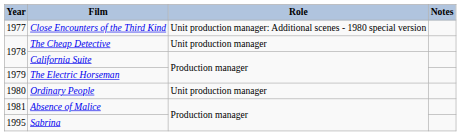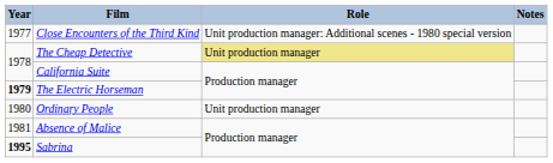 <table class="wikitable" style="font-size:95%;">
 <tr>
 <th style="background:#B0C4DE;">Year</th>
 <th style="background:#B0C4DE;">Film</th>
 <th style="background:#B0C4DE;">Role</th>
 <th style="background:#B0C4DE;">Notes</th>
 </tr>
 <tr>
 <td>1977</td>
 <td><em><a href='#'>Close Encounters of the Third Kind</a></em></td>
 <td>Unit production manager: Additional scenes - 1980 special version</td>
 <td></td>
 </tr>
 <tr>
 <td rowspan=2>1978</td>
 <td><em><a href='#'>The Cheap Detective</a></em></td>
-<td>Unit production manager</td>
+<td style="background: khaki;">Unit production manager</td>
 <td></td>
 </tr>
 <tr>
 <td><em><a href='#'>California Suite</a></em></td>
 <td rowspan=2>Production manager</td>
 <td></td>
 </tr>
 <tr>
-<td>1979</td>
+<td><strong>1979</strong></td>
 <td><em><a href='#'>The Electric Horseman</a></em></td>
 <td></td>
 </tr>
 <tr>
 <td>1980</td>
 <td><em><a href='#'>Ordinary People</a></em></td>
 <td>Unit production manager</td>
 <td></td>
 </tr>
 <tr>
 <td>1981</td>
 <td><em><a href='#'>Absence of Malice</a></em></td>
 <td rowspan=2>Production manager</td>
 <td></td>
 </tr>
 <tr>
-<td>1995</td>
+<td><strong>1995</strong></td>
 <td><em><a href='#'>Sabrina</a></em></td>
 <td></td>
 </tr>
 </table>
